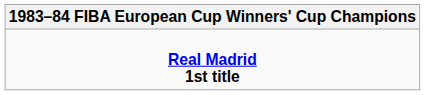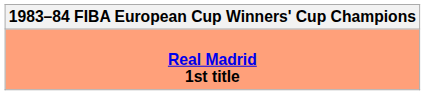 <table class=wikitable style="text-align:center; margin:auto">
 <tr>
 <th>1983–84 FIBA European Cup Winners' Cup Champions</th>
 </tr>
 <tr>
-<td><br> <strong><a href='#'>Real Madrid</a></strong> <br> <strong>1st title</strong></td>
+<td style="background: lightsalmon;"><br> <strong><a href='#'>Real Madrid</a></strong> <br> <strong>1st title</strong></td>
 </tr>
 </table>
